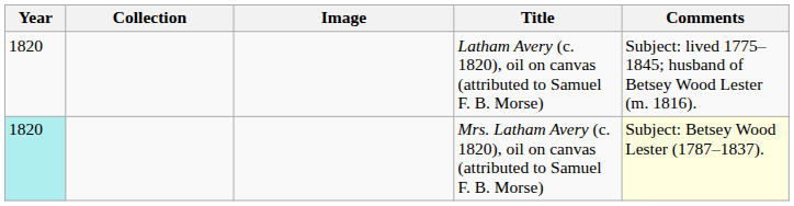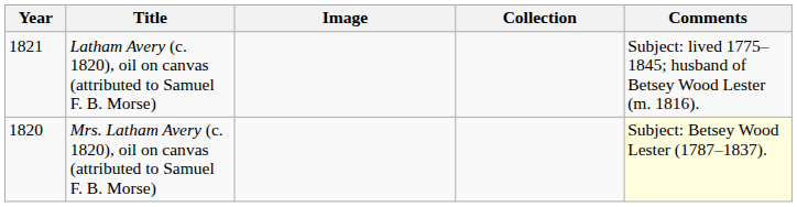 <table class="wikitable sortable">
 <tr>
 <th scope="col" style="width:50px;">Year</th>
+<th scope="col" style="width:150px;">Title</th>
+<th scope="col" style="width:200px;">Image</th>
 <th scope="col" style="width:150px;">Collection</th>
-<th scope="col" style="width:200px;">Image</th>
-<th scope="col" style="width:150px;">Title</th>
 <th scope="col" style="width:150px;">Comments</th>
 </tr>
 <tr valign="top">
-<td>1820</td>
+<td>1821</td>
+<td><em>Latham Avery</em> (c. 1820), oil on canvas (attributed to Samuel F. B. Morse)</td>
 <td></td>
 <td></td>
-<td><em>Latham Avery</em> (c. 1820), oil on canvas (attributed to Samuel F. B. Morse)</td>
 <td>Subject: lived 1775–1845; husband of Betsey Wood Lester (m. 1816). </td>
 </tr>
 <tr valign="top">
-<td style="background: paleturquoise;">1820</td>
+<td>1820</td>
+<td><em>Mrs. Latham Avery</em> (c. 1820), oil on canvas (attributed to Samuel F. B. Morse)</td>
 <td></td>
 <td></td>
-<td><em>Mrs. Latham Avery</em> (c. 1820), oil on canvas (attributed to Samuel F. B. Morse)</td>
 <td style="background: lightyellow;">Subject: Betsey Wood Lester (1787–1837). </td>
 </tr>
 </table>
